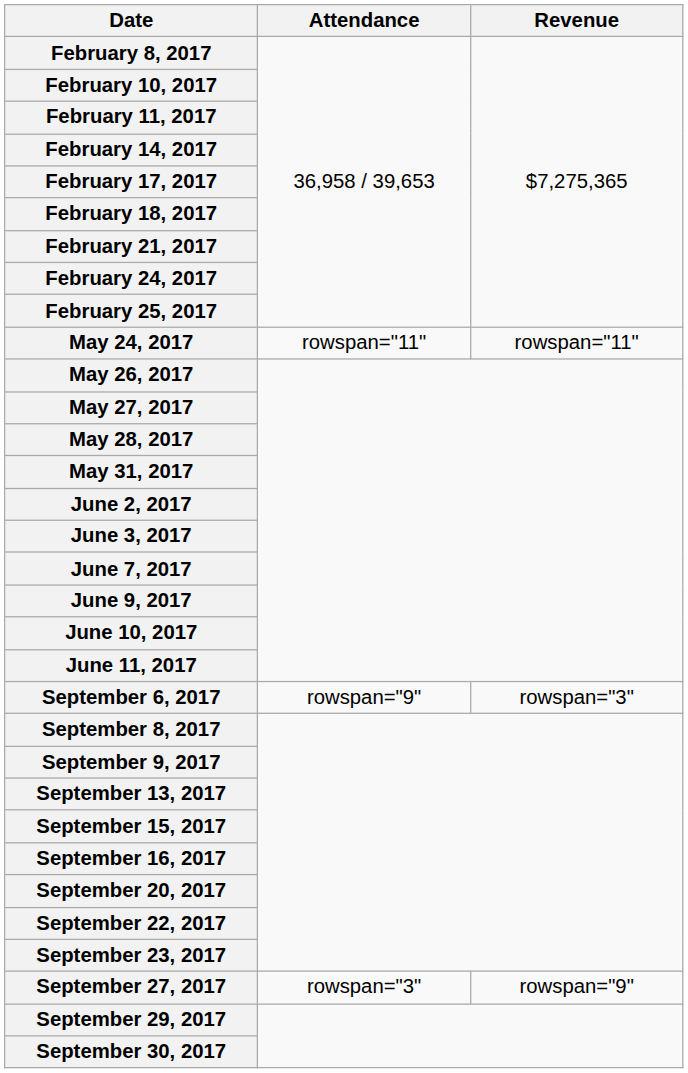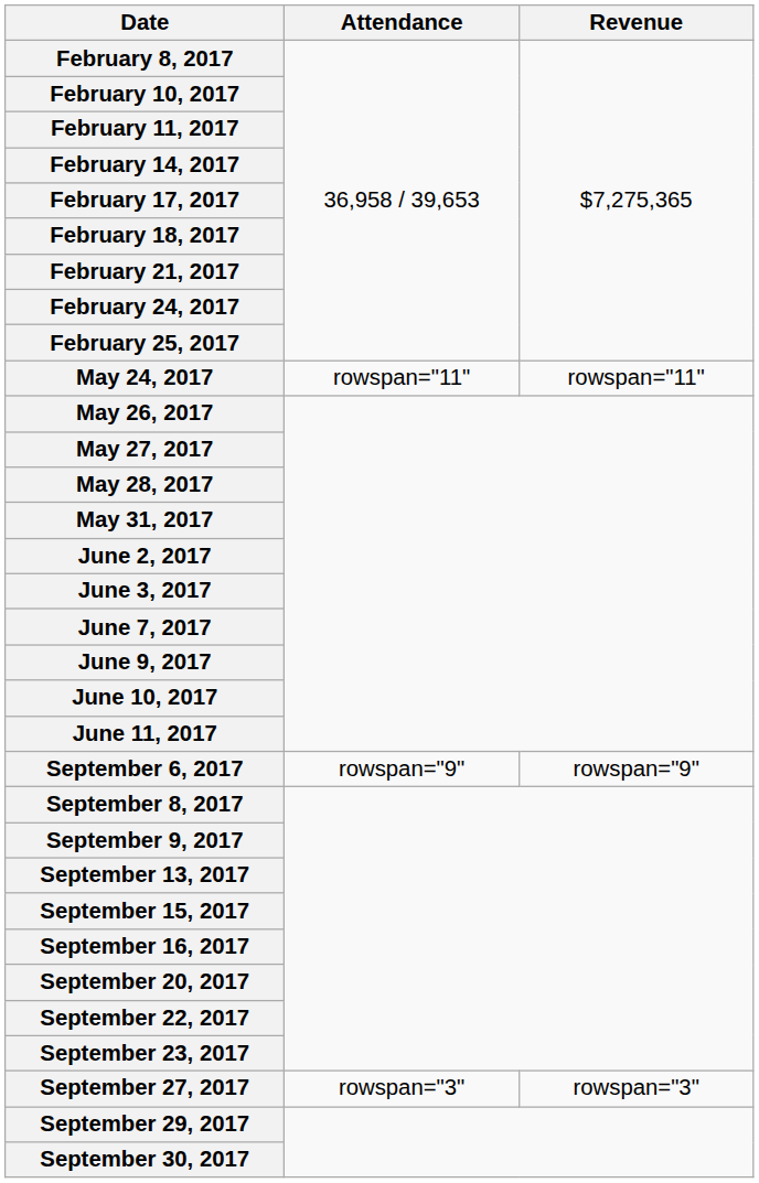 <table class="wikitable plainrowheaders" style="text-align:center;">
 <tr>
 <th scope="col" style="width:12em;">Date</th>
 <th scope="col" style="width:10em;">Attendance</th>
 <th scope="col" style="width:10em;">Revenue</th>
 </tr>
 <tr>
 <th scope="row">February 8, 2017</th>
 <td rowspan="9">36,958 / 39,653</td>
 <td rowspan="9">$7,275,365</td>
 </tr>
 <tr>
 <th scope="row">February 10, 2017</th>
 </tr>
 <tr>
 <th scope="row">February 11, 2017</th>
 </tr>
 <tr>
 <th scope="row">February 14, 2017</th>
 </tr>
 <tr>
 <th scope="row">February 17, 2017</th>
 </tr>
 <tr>
 <th scope="row">February 18, 2017</th>
 </tr>
 <tr>
 <th scope="row">February 21, 2017</th>
 </tr>
 <tr>
 <th scope="row">February 24, 2017</th>
 </tr>
 <tr>
 <th scope="row">February 25, 2017</th>
 </tr>
 <tr>
 <th scope="row">May 24, 2017</th>
 <td>rowspan="11" </td>
 <td>rowspan="11" </td>
 </tr>
 <tr>
 <th scope="row">May 26, 2017</th>
 </tr>
 <tr>
 <th scope="row">May 27, 2017</th>
 </tr>
 <tr>
 <th scope="row">May 28, 2017</th>
 </tr>
 <tr>
 <th scope="row">May 31, 2017</th>
 </tr>
 <tr>
 <th scope="row">June 2, 2017</th>
 </tr>
 <tr>
 <th scope="row">June 3, 2017</th>
 </tr>
 <tr>
 <th scope="row">June 7, 2017</th>
 </tr>
 <tr>
 <th scope="row">June 9, 2017</th>
 </tr>
 <tr>
 <th scope="row">June 10, 2017</th>
 </tr>
 <tr>
 <th scope="row">June 11, 2017</th>
 </tr>
 <tr>
 <th scope="row">September 6, 2017</th>
 <td>rowspan="9" </td>
-<td>rowspan="3" </td>
+<td>rowspan="9" </td>
 </tr>
 <tr>
 <th scope="row">September 8, 2017</th>
 </tr>
 <tr>
 <th scope="row">September 9, 2017</th>
 </tr>
 <tr>
 <th scope="row">September 13, 2017</th>
 </tr>
 <tr>
 <th scope="row">September 15, 2017</th>
 </tr>
 <tr>
 <th scope="row">September 16, 2017</th>
 </tr>
 <tr>
 <th scope="row">September 20, 2017</th>
 </tr>
 <tr>
 <th scope="row">September 22, 2017</th>
 </tr>
 <tr>
 <th scope="row">September 23, 2017</th>
 </tr>
 <tr>
 <th scope="row">September 27, 2017</th>
 <td>rowspan="3" </td>
-<td>rowspan="9" </td>
+<td>rowspan="3" </td>
 </tr>
 <tr>
 <th scope="row">September 29, 2017</th>
 </tr>
 <tr>
 <th scope="row">September 30, 2017</th>
 </tr>
 </table>
